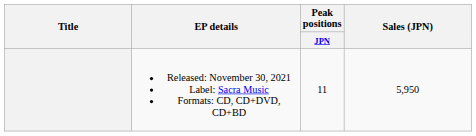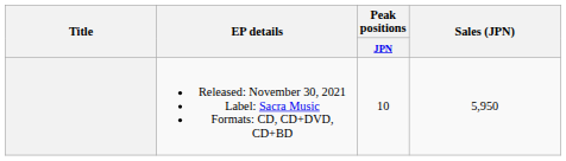 <table class="wikitable plainrowheaders" style="text-align:center;">
 <tr>
 <th style="width:12em;" rowspan="2">Title</th>
 <th style="width:16em;" rowspan="2">EP details</th>
 <th colspan="1">Peak positions</th>
 <th style="width:12em;" rowspan="2">Sales (JPN)</th>
 </tr>
 <tr>
 <th style="width:2.5em;"><small><a href='#'>JPN</a></small><br></th>
 </tr>
 <tr>
 <th scope="row"><em></em></th>
 <td><br><ul><li>Released: November 30, 2021 </li><li>Label: <a href='#'>Sacra Music</a></li><li>Formats: CD, CD+DVD, CD+BD</li></ul></td>
-<td>11</td>
+<td>10</td>
 <td>5,950</td>
 </tr>
 </table>
